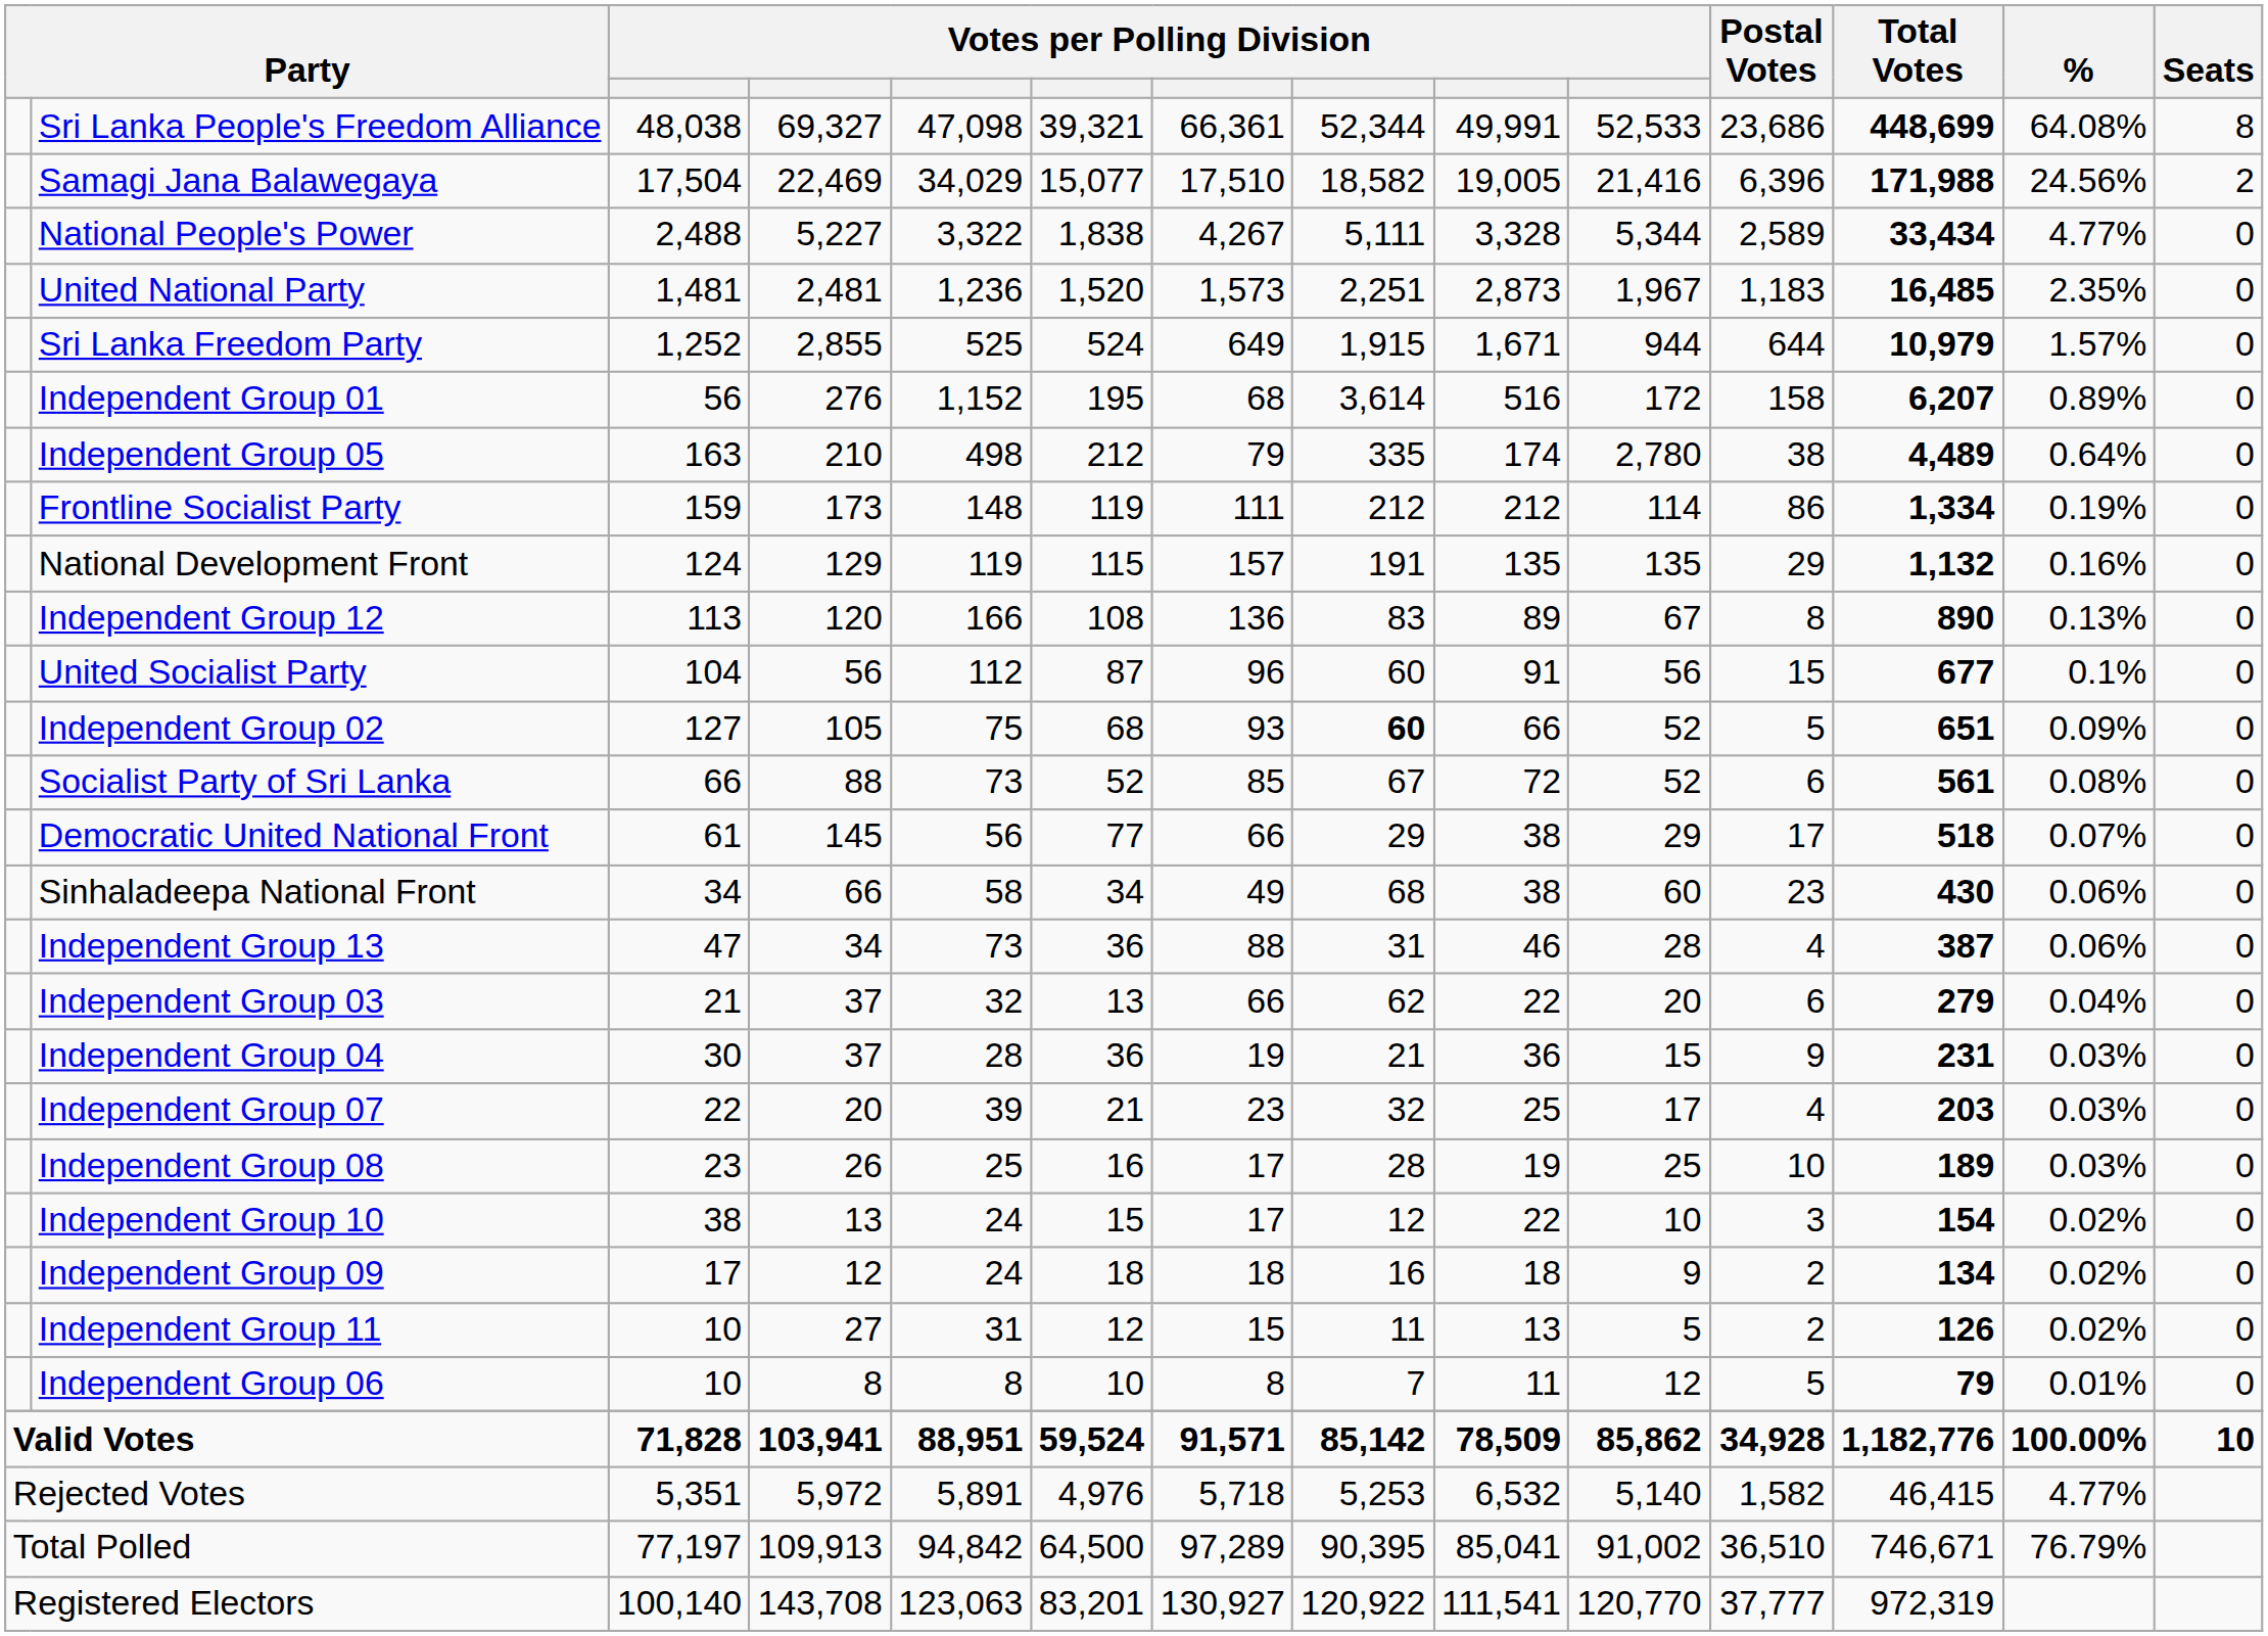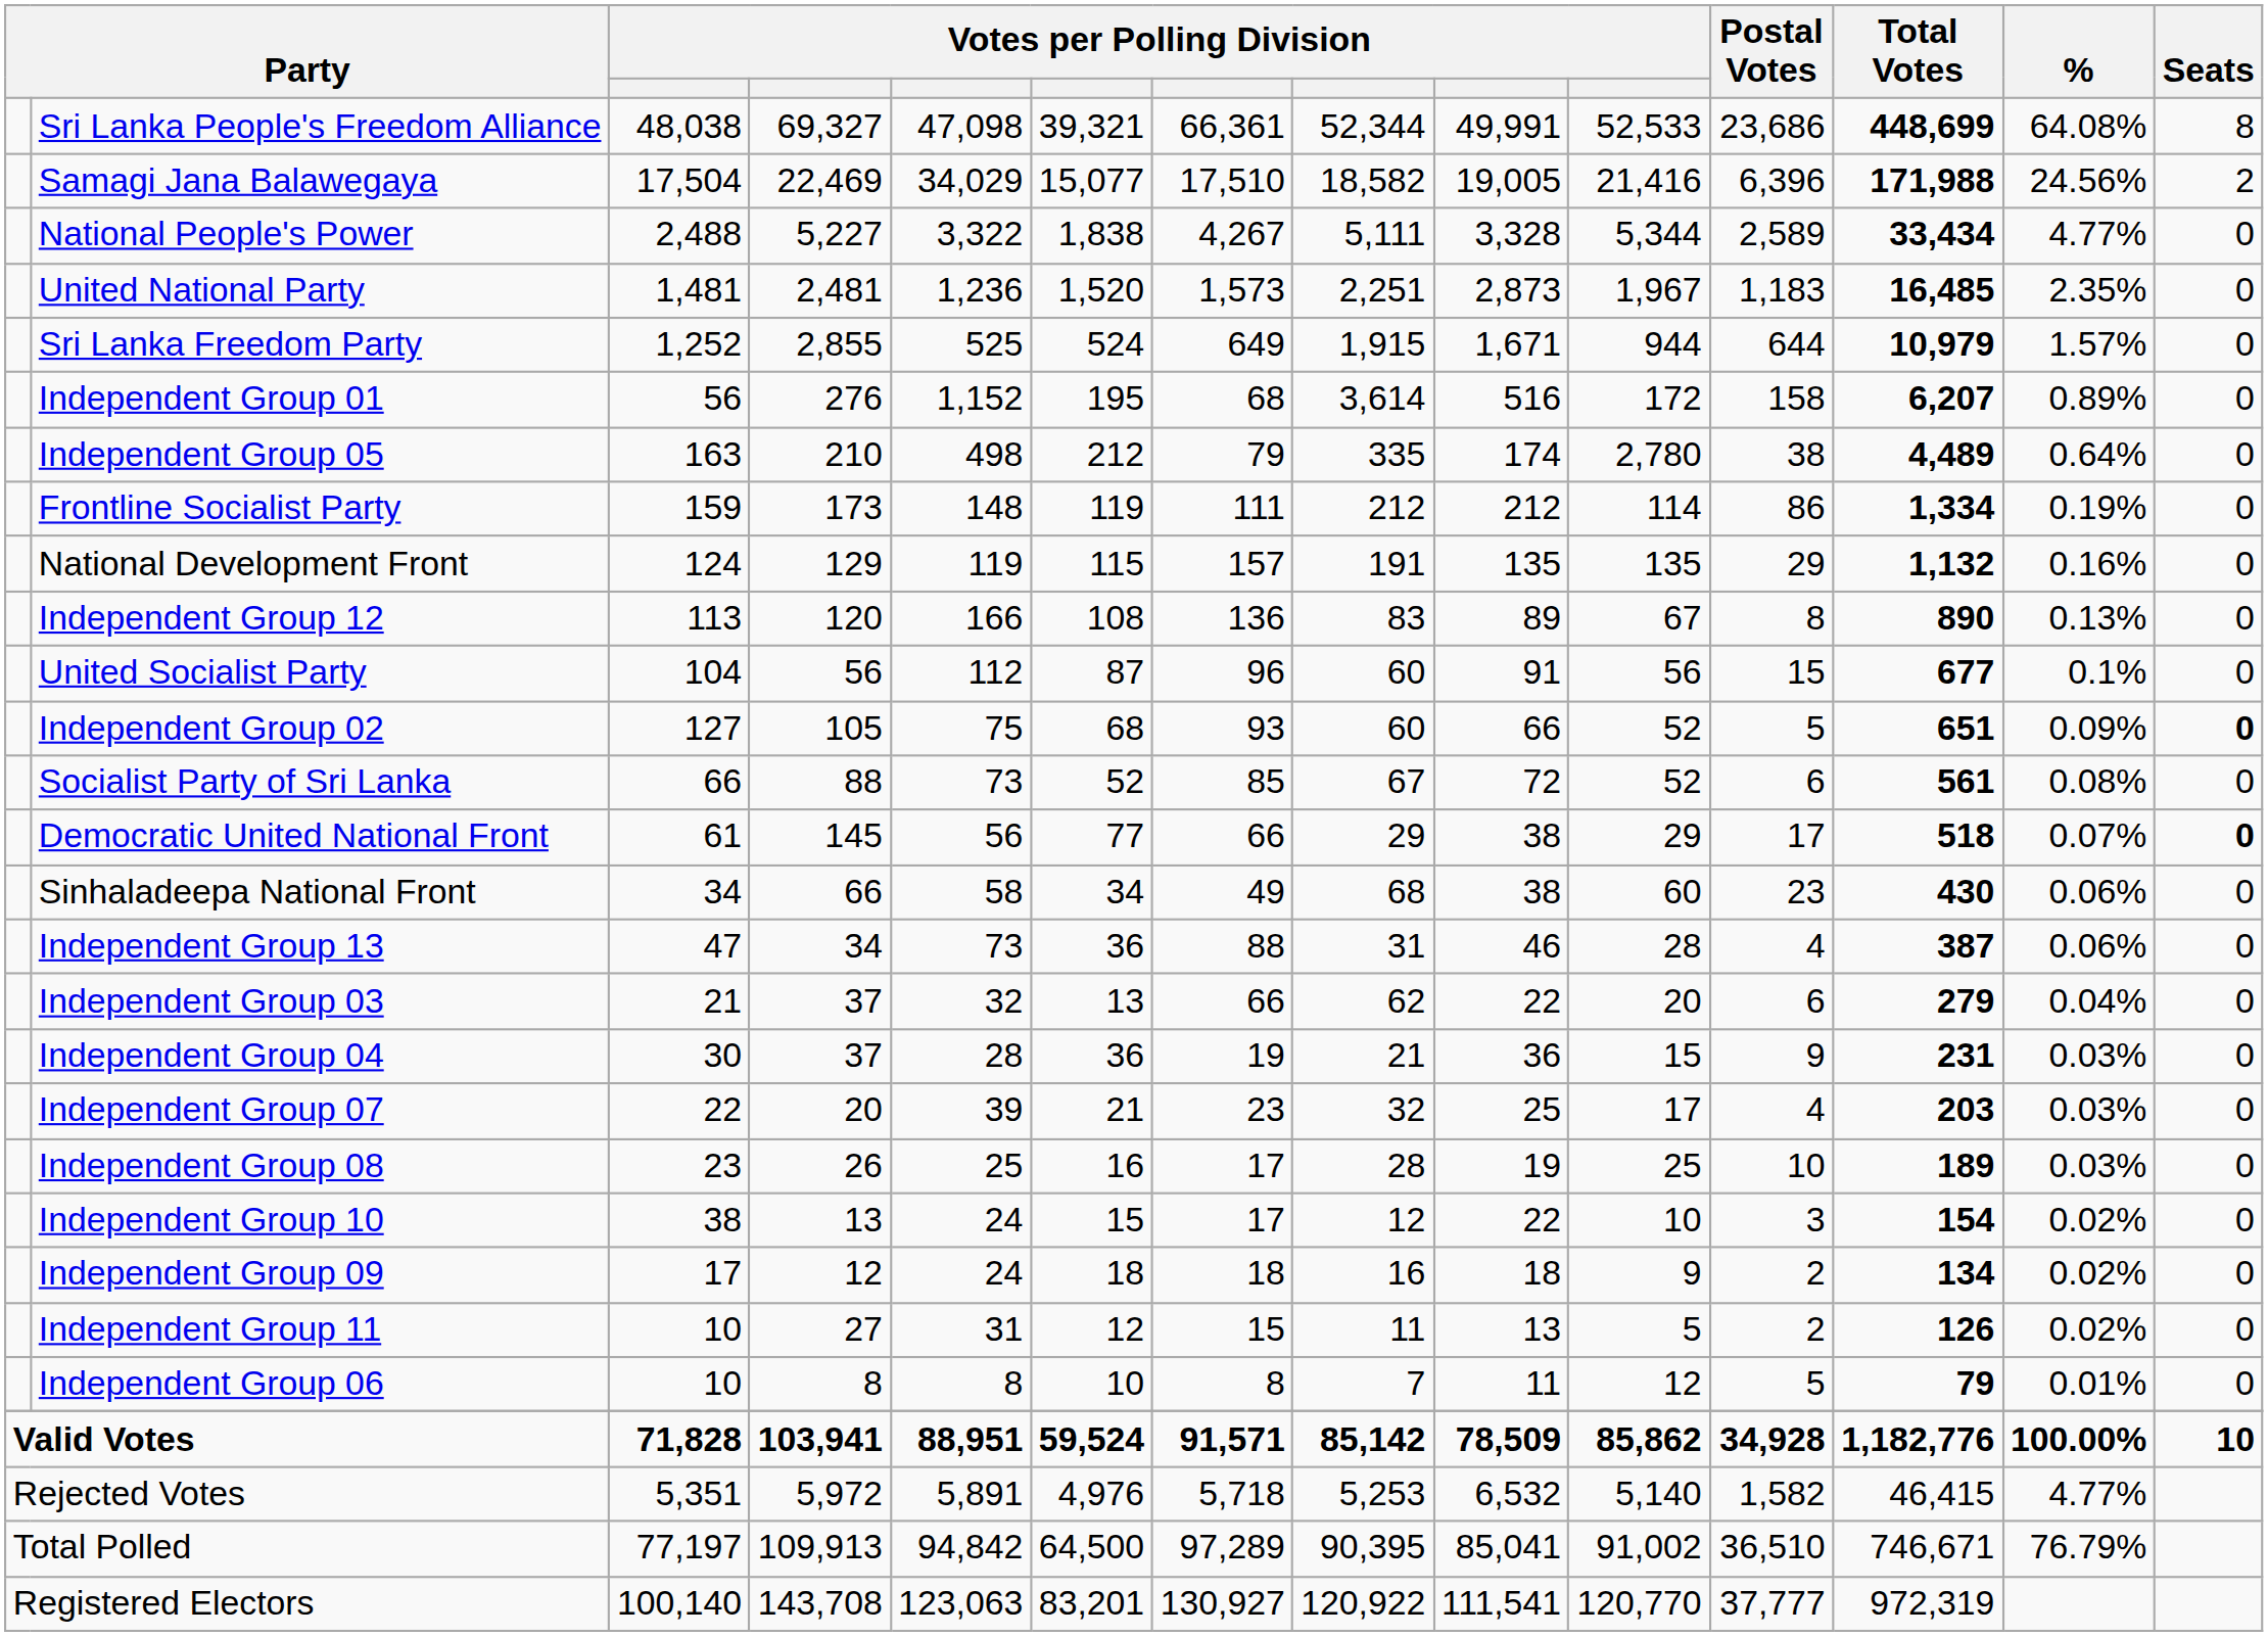 <table class="wikitable" border="1" style="text-align:right;">
 <tr>
 <th align=left valign=bottom rowspan=2 colspan=2>Party</th>
 <th colspan=8>Votes per Polling Division</th>
 <th align=center valign=bottom rowspan=2 width="50">Postal<br>Votes</th>
 <th align=center valign=bottom rowspan=2 width="50">Total Votes</th>
 <th align=center valign=bottom rowspan=2 width="50">%</th>
 <th align=center valign=bottom rowspan=2 width="40">Seats</th>
 </tr>
 <tr>
 <th></th>
 <th></th>
 <th></th>
 <th></th>
 <th></th>
 <th></th>
 <th></th>
 <th></th>
 </tr>
 <tr>
 <td bgcolor=> </td>
 <td align=left><a href='#'>Sri Lanka People's Freedom Alliance</a></td>
 <td>48,038</td>
 <td>69,327</td>
 <td>47,098</td>
 <td>39,321</td>
 <td>66,361</td>
 <td>52,344</td>
 <td>49,991</td>
 <td>52,533</td>
 <td>23,686</td>
 <td><strong>448,699</strong></td>
 <td>64.08%</td>
 <td>8</td>
 </tr>
 <tr>
 <td bgcolor=> </td>
 <td align=left><a href='#'>Samagi Jana Balawegaya</a></td>
 <td>17,504</td>
 <td>22,469</td>
 <td>34,029</td>
 <td>15,077</td>
 <td>17,510</td>
 <td>18,582</td>
 <td>19,005</td>
 <td>21,416</td>
 <td>6,396</td>
 <td><strong>171,988</strong></td>
 <td>24.56%</td>
 <td>2</td>
 </tr>
 <tr>
 <td bgcolor=> </td>
 <td align=left><a href='#'>National People's Power</a></td>
 <td>2,488</td>
 <td>5,227</td>
 <td>3,322</td>
 <td>1,838</td>
 <td>4,267</td>
 <td>5,111</td>
 <td>3,328</td>
 <td>5,344</td>
 <td>2,589</td>
 <td><strong>33,434</strong></td>
 <td>4.77%</td>
 <td>0</td>
 </tr>
 <tr>
 <td bgcolor=> </td>
 <td align=left><a href='#'>United National Party</a></td>
 <td>1,481</td>
 <td>2,481</td>
 <td>1,236</td>
 <td>1,520</td>
 <td>1,573</td>
 <td>2,251</td>
 <td>2,873</td>
 <td>1,967</td>
 <td>1,183</td>
 <td><strong>16,485</strong></td>
 <td>2.35%</td>
 <td>0</td>
 </tr>
 <tr>
 <td bgcolor=> </td>
 <td align=left><a href='#'>Sri Lanka Freedom Party</a></td>
 <td>1,252</td>
 <td>2,855</td>
 <td>525</td>
 <td>524</td>
 <td>649</td>
 <td>1,915</td>
 <td>1,671</td>
 <td>944</td>
 <td>644</td>
 <td><strong>10,979</strong></td>
 <td>1.57%</td>
 <td>0</td>
 </tr>
 <tr>
 <td bgcolor=> </td>
 <td align=left><a href='#'>Independent Group 01</a></td>
 <td>56</td>
 <td>276</td>
 <td>1,152</td>
 <td>195</td>
 <td>68</td>
 <td>3,614</td>
 <td>516</td>
 <td>172</td>
 <td>158</td>
 <td><strong>6,207</strong></td>
 <td>0.89%</td>
 <td>0</td>
 </tr>
 <tr>
 <td bgcolor=> </td>
 <td align=left><a href='#'>Independent Group 05</a></td>
 <td>163</td>
 <td>210</td>
 <td>498</td>
 <td>212</td>
 <td>79</td>
 <td>335</td>
 <td>174</td>
 <td>2,780</td>
 <td>38</td>
 <td><strong>4,489</strong></td>
 <td>0.64%</td>
 <td>0</td>
 </tr>
 <tr>
 <td bgcolor=> </td>
 <td align=left><a href='#'>Frontline Socialist Party</a></td>
 <td>159</td>
 <td>173</td>
 <td>148</td>
 <td>119</td>
 <td>111</td>
 <td>212</td>
 <td>212</td>
 <td>114</td>
 <td>86</td>
 <td><strong>1,334</strong></td>
 <td>0.19%</td>
 <td>0</td>
 </tr>
 <tr>
 <td bgcolor=> </td>
 <td align=left>National Development Front</td>
 <td>124</td>
 <td>129</td>
 <td>119</td>
 <td>115</td>
 <td>157</td>
 <td>191</td>
 <td>135</td>
 <td>135</td>
 <td>29</td>
 <td><strong>1,132</strong></td>
 <td>0.16%</td>
 <td>0</td>
 </tr>
 <tr>
 <td bgcolor=> </td>
 <td align=left><a href='#'>Independent Group 12</a></td>
 <td>113</td>
 <td>120</td>
 <td>166</td>
 <td>108</td>
 <td>136</td>
 <td>83</td>
 <td>89</td>
 <td>67</td>
 <td>8</td>
 <td><strong>890</strong></td>
 <td>0.13%</td>
 <td>0</td>
 </tr>
 <tr>
 <td bgcolor=> </td>
 <td align=left><a href='#'>United Socialist Party</a></td>
 <td>104</td>
 <td>56</td>
 <td>112</td>
 <td>87</td>
 <td>96</td>
 <td>60</td>
 <td>91</td>
 <td>56</td>
 <td>15</td>
 <td><strong>677</strong></td>
 <td>0.1%</td>
 <td>0</td>
 </tr>
 <tr>
 <td bgcolor=> </td>
 <td align=left><a href='#'>Independent Group 02</a></td>
 <td>127</td>
 <td>105</td>
 <td>75</td>
 <td>68</td>
 <td>93</td>
-<td><strong>60</strong></td>
+<td>60</td>
 <td>66</td>
 <td>52</td>
 <td>5</td>
 <td><strong>651</strong></td>
 <td>0.09%</td>
-<td>0</td>
+<td><strong>0</strong></td>
 </tr>
 <tr>
 <td bgcolor=> </td>
 <td align=left><a href='#'>Socialist Party of Sri Lanka</a></td>
 <td>66</td>
 <td>88</td>
 <td>73</td>
 <td>52</td>
 <td>85</td>
 <td>67</td>
 <td>72</td>
 <td>52</td>
 <td>6</td>
 <td><strong>561</strong></td>
 <td>0.08%</td>
 <td>0</td>
 </tr>
 <tr>
 <td bgcolor=> </td>
 <td align=left><a href='#'>Democratic United National Front</a></td>
 <td>61</td>
 <td>145</td>
 <td>56</td>
 <td>77</td>
 <td>66</td>
 <td>29</td>
 <td>38</td>
 <td>29</td>
 <td>17</td>
 <td><strong>518</strong></td>
 <td>0.07%</td>
-<td>0</td>
+<td><strong>0</strong></td>
 </tr>
 <tr>
 <td bgcolor=> </td>
 <td align=left>Sinhaladeepa National Front</td>
 <td>34</td>
 <td>66</td>
 <td>58</td>
 <td>34</td>
 <td>49</td>
 <td>68</td>
 <td>38</td>
 <td>60</td>
 <td>23</td>
 <td><strong>430</strong></td>
 <td>0.06%</td>
 <td>0</td>
 </tr>
 <tr>
 <td bgcolor=> </td>
 <td align=left><a href='#'>Independent Group 13</a></td>
 <td>47</td>
 <td>34</td>
 <td>73</td>
 <td>36</td>
 <td>88</td>
 <td>31</td>
 <td>46</td>
 <td>28</td>
 <td>4</td>
 <td><strong>387</strong></td>
 <td>0.06%</td>
 <td>0</td>
 </tr>
 <tr>
 <td bgcolor=> </td>
 <td align=left><a href='#'>Independent Group 03</a></td>
 <td>21</td>
 <td>37</td>
 <td>32</td>
 <td>13</td>
 <td>66</td>
 <td>62</td>
 <td>22</td>
 <td>20</td>
 <td>6</td>
 <td><strong>279</strong></td>
 <td>0.04%</td>
 <td>0</td>
 </tr>
 <tr>
 <td bgcolor=> </td>
 <td align=left><a href='#'>Independent Group 04</a></td>
 <td>30</td>
 <td>37</td>
 <td>28</td>
 <td>36</td>
 <td>19</td>
 <td>21</td>
 <td>36</td>
 <td>15</td>
 <td>9</td>
 <td><strong>231</strong></td>
 <td>0.03%</td>
 <td>0</td>
 </tr>
 <tr>
 <td bgcolor=> </td>
 <td align=left><a href='#'>Independent Group 07</a></td>
 <td>22</td>
 <td>20</td>
 <td>39</td>
 <td>21</td>
 <td>23</td>
 <td>32</td>
 <td>25</td>
 <td>17</td>
 <td>4</td>
 <td><strong>203</strong></td>
 <td>0.03%</td>
 <td>0</td>
 </tr>
 <tr>
 <td bgcolor=> </td>
 <td align=left><a href='#'>Independent Group 08</a></td>
 <td>23</td>
 <td>26</td>
 <td>25</td>
 <td>16</td>
 <td>17</td>
 <td>28</td>
 <td>19</td>
 <td>25</td>
 <td>10</td>
 <td><strong>189</strong></td>
 <td>0.03%</td>
 <td>0</td>
 </tr>
 <tr>
 <td bgcolor=> </td>
 <td align=left><a href='#'>Independent Group 10</a></td>
 <td>38</td>
 <td>13</td>
 <td>24</td>
 <td>15</td>
 <td>17</td>
 <td>12</td>
 <td>22</td>
 <td>10</td>
 <td>3</td>
 <td><strong>154</strong></td>
 <td>0.02%</td>
 <td>0</td>
 </tr>
 <tr>
 <td bgcolor=> </td>
 <td align=left><a href='#'>Independent Group 09</a></td>
 <td>17</td>
 <td>12</td>
 <td>24</td>
 <td>18</td>
 <td>18</td>
 <td>16</td>
 <td>18</td>
 <td>9</td>
 <td>2</td>
 <td><strong>134</strong></td>
 <td>0.02%</td>
 <td>0</td>
 </tr>
 <tr>
 <td bgcolor=> </td>
 <td align=left><a href='#'>Independent Group 11</a></td>
 <td>10</td>
 <td>27</td>
 <td>31</td>
 <td>12</td>
 <td>15</td>
 <td>11</td>
 <td>13</td>
 <td>5</td>
 <td>2</td>
 <td><strong>126</strong></td>
 <td>0.02%</td>
 <td>0</td>
 </tr>
 <tr>
 <td bgcolor=> </td>
 <td align=left><a href='#'>Independent Group 06</a></td>
 <td>10</td>
 <td>8</td>
 <td>8</td>
 <td>10</td>
 <td>8</td>
 <td>7</td>
 <td>11</td>
 <td>12</td>
 <td>5</td>
 <td><strong>79</strong></td>
 <td>0.01%</td>
 <td>0</td>
 </tr>
 <tr>
 </tr>
 <tr style="font-weight:bold">
 <td style="text-align:left;" colspan="2">Valid Votes</td>
 <td>71,828</td>
 <td>103,941</td>
 <td>88,951</td>
 <td>59,524</td>
 <td>91,571</td>
 <td>85,142</td>
 <td>78,509</td>
 <td>85,862</td>
 <td>34,928</td>
 <td>1,182,776</td>
 <td>100.00%</td>
 <td>10</td>
 </tr>
 <tr>
 <td style="text-align:left;" colspan="2">Rejected Votes</td>
 <td>5,351</td>
 <td>5,972</td>
 <td>5,891</td>
 <td>4,976</td>
 <td>5,718</td>
 <td>5,253</td>
 <td>6,532</td>
 <td>5,140</td>
 <td>1,582</td>
 <td>46,415</td>
 <td>4.77%</td>
 <td></td>
 </tr>
 <tr>
 <td style="text-align:left;" colspan="2">Total Polled</td>
 <td>77,197</td>
 <td>109,913</td>
 <td>94,842</td>
 <td>64,500</td>
 <td>97,289</td>
 <td>90,395</td>
 <td>85,041</td>
 <td>91,002</td>
 <td>36,510</td>
 <td>746,671</td>
 <td>76.79%</td>
 <td></td>
 </tr>
 <tr>
 <td style="text-align:left;" colspan="2">Registered Electors</td>
 <td>100,140</td>
 <td>143,708</td>
 <td>123,063</td>
 <td>83,201</td>
 <td>130,927</td>
 <td>120,922</td>
 <td>111,541</td>
 <td>120,770</td>
 <td>37,777</td>
 <td>972,319</td>
 <td></td>
 <td></td>
 </tr>
 </table>
